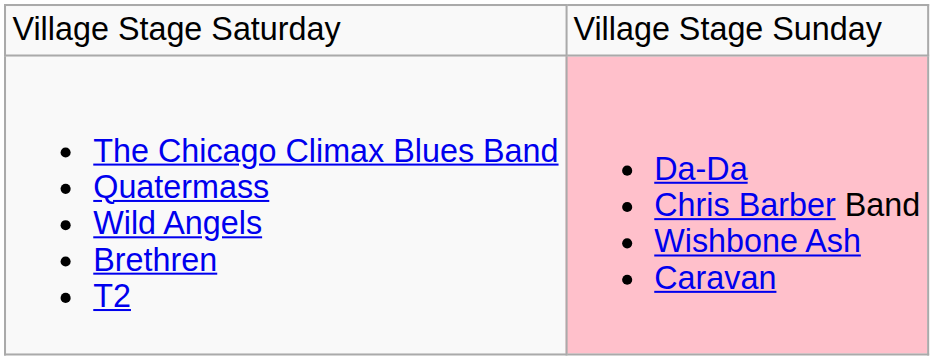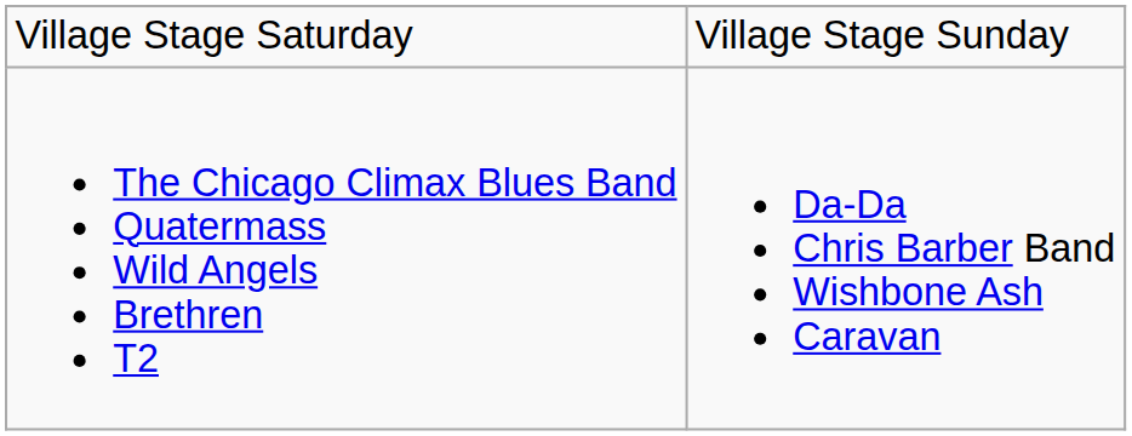 <table class="wikitable">
 <tr>
 <td>Village Stage Saturday</td>
 <td>Village Stage Sunday</td>
 </tr>
 <tr>
 <td><br><ul><li><a href='#'>The Chicago Climax Blues Band</a></li><li><a href='#'>Quatermass</a></li><li><a href='#'>Wild Angels</a></li><li><a href='#'>Brethren</a></li><li><a href='#'>T2</a></li></ul></td>
-<td style="background: pink;"><br><ul><li><a href='#'>Da-Da</a></li><li><a href='#'>Chris Barber</a> Band</li><li><a href='#'>Wishbone Ash</a></li><li><a href='#'>Caravan</a></li></ul></td>
+<td><br><ul><li><a href='#'>Da-Da</a></li><li><a href='#'>Chris Barber</a> Band</li><li><a href='#'>Wishbone Ash</a></li><li><a href='#'>Caravan</a></li></ul></td>
 </tr>
 </table>
